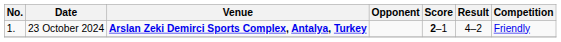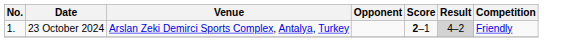 <table class="wikitable">
 <tr>
 <th>No.</th>
 <th>Date</th>
 <th>Venue</th>
 <th>Opponent</th>
 <th>Score</th>
 <th>Result</th>
 <th>Competition</th>
 </tr>
 <tr>
 <td>1.</td>
 <td>23 October 2024</td>
-<td><strong><a href='#'>Arslan Zeki Demirci Sports Complex</a>, <a href='#'>Antalya</a>, <a href='#'>Turkey</a></strong></td>
+<td><a href='#'>Arslan Zeki Demirci Sports Complex</a>, <a href='#'>Antalya</a>, <a href='#'>Turkey</a></td>
 <td></td>
 <td align=center><strong>2</strong>–1</td>
-<td align=center>4–2</td>
+<td align=center style="background: lightgrey;">4–2</td>
 <td><a href='#'>Friendly</a></td>
 </tr>
 <tr>
 </tr>
 </table>
